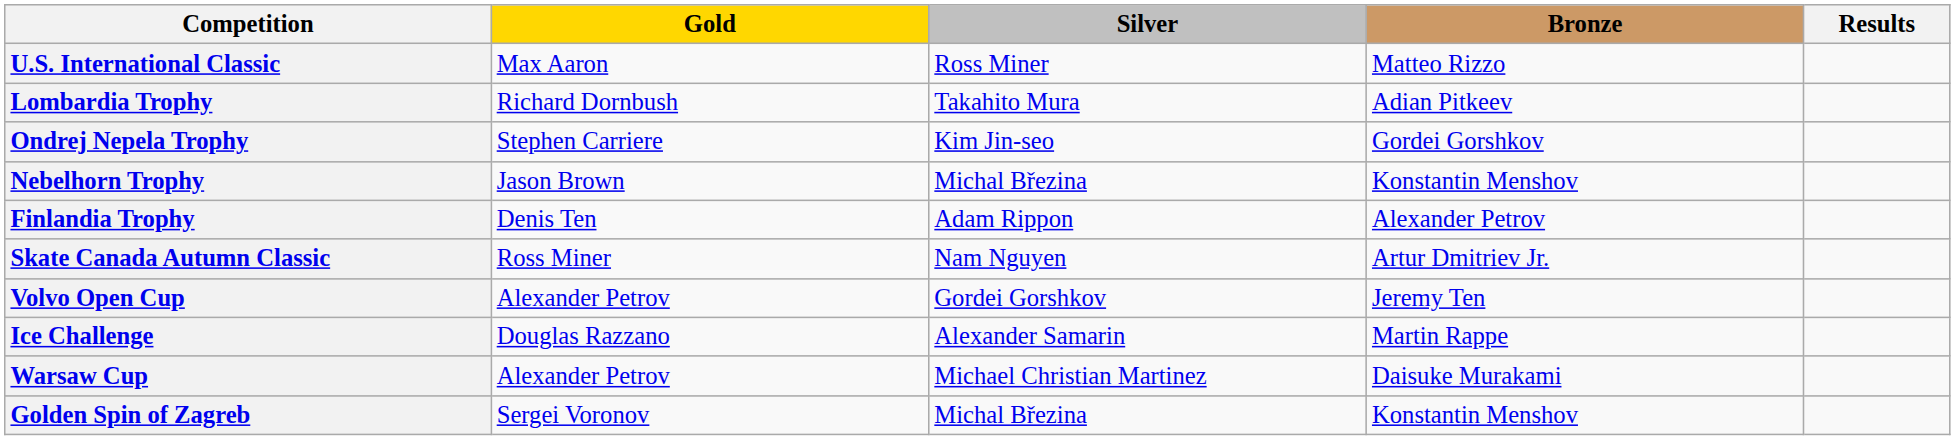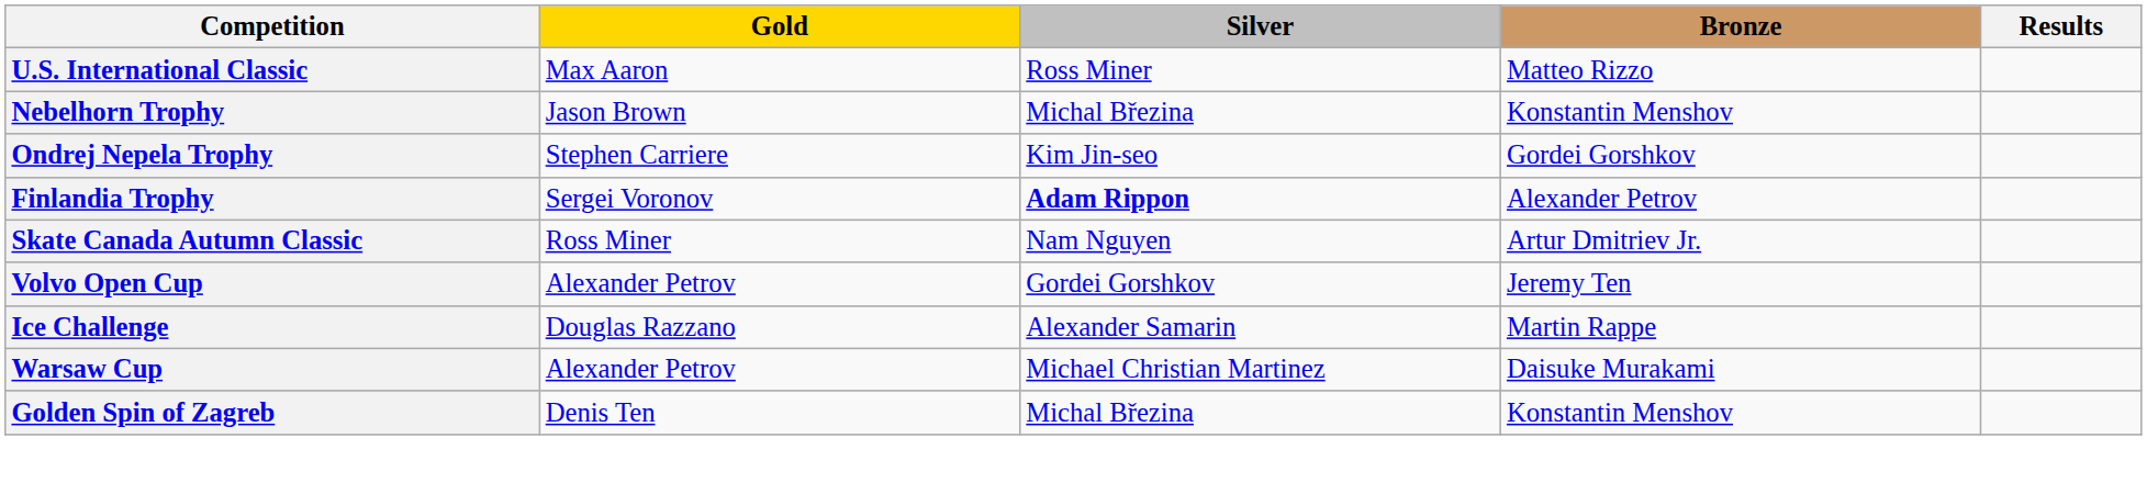 <table class="wikitable unsortable" style="text-align:left; width:100%;">
 <tr>
 <th scope="col" style="text-align:center; width:25%;">Competition</th>
 <td scope="col" style="text-align:center; width:22.5%; background:gold"><strong>Gold</strong></td>
 <td scope="col" style="text-align:center; width:22.5%; background:silver"><strong>Silver</strong></td>
 <td scope="col" style="text-align:center; width:22.5%; background:#c96"><strong>Bronze</strong></td>
 <th scope="col" style="text-align:center; width:7.5%;">Results</th>
 </tr>
 <tr>
 <th scope="row" style="text-align:left"> <a href='#'>U.S. International Classic</a></th>
 <td> <a href='#'>Max Aaron</a></td>
 <td> <a href='#'>Ross Miner</a></td>
 <td> <a href='#'>Matteo Rizzo</a></td>
 <td></td>
 </tr>
 <tr>
-<th scope="row" style="text-align:left"> <a href='#'>Lombardia Trophy</a></th>
-<td> <a href='#'>Richard Dornbush</a></td>
-<td> <a href='#'>Takahito Mura</a></td>
-<td> <a href='#'>Adian Pitkeev</a></td>
+<th scope="row" style="text-align:left"> <a href='#'>Nebelhorn Trophy</a></th>
+<td> <a href='#'>Jason Brown</a></td>
+<td> <a href='#'>Michal Březina</a></td>
+<td> <a href='#'>Konstantin Menshov</a></td>
 <td></td>
 </tr>
 <tr>
 <th scope="row" style="text-align:left"> <a href='#'>Ondrej Nepela Trophy</a></th>
 <td> <a href='#'>Stephen Carriere</a></td>
 <td> <a href='#'>Kim Jin-seo</a></td>
 <td> <a href='#'>Gordei Gorshkov</a></td>
 <td></td>
 </tr>
 <tr>
-<th scope="row" style="text-align:left"> <a href='#'>Nebelhorn Trophy</a></th>
-<td> <a href='#'>Jason Brown</a></td>
-<td> <a href='#'>Michal Březina</a></td>
-<td> <a href='#'>Konstantin Menshov</a></td>
-<td></td>
-</tr>
-<tr>
 <th scope="row" style="text-align:left"> <a href='#'>Finlandia Trophy</a></th>
-<td> <a href='#'>Denis Ten</a></td>
-<td> <a href='#'>Adam Rippon</a></td>
+<td> <a href='#'>Sergei Voronov</a></td>
+<td><strong> <a href='#'>Adam Rippon</a></strong></td>
 <td> <a href='#'>Alexander Petrov</a></td>
 <td></td>
 </tr>
 <tr>
 <th scope="row" style="text-align:left"> <a href='#'>Skate Canada Autumn Classic</a></th>
 <td> <a href='#'>Ross Miner</a></td>
 <td> <a href='#'>Nam Nguyen</a></td>
 <td> <a href='#'>Artur Dmitriev Jr.</a></td>
 <td></td>
 </tr>
 <tr>
 <th scope="row" style="text-align:left"> <a href='#'>Volvo Open Cup</a></th>
 <td> <a href='#'>Alexander Petrov</a></td>
 <td> <a href='#'>Gordei Gorshkov</a></td>
 <td> <a href='#'>Jeremy Ten</a></td>
 <td></td>
 </tr>
 <tr>
 <th scope="row" style="text-align:left"> <a href='#'>Ice Challenge</a></th>
 <td> <a href='#'>Douglas Razzano</a></td>
 <td> <a href='#'>Alexander Samarin</a></td>
 <td> <a href='#'>Martin Rappe</a></td>
 <td></td>
 </tr>
 <tr>
 <th scope="row" style="text-align:left"> <a href='#'>Warsaw Cup</a></th>
 <td> <a href='#'>Alexander Petrov</a></td>
 <td> <a href='#'>Michael Christian Martinez</a></td>
 <td> <a href='#'>Daisuke Murakami</a></td>
 <td></td>
 </tr>
 <tr>
 <th scope="row" style="text-align:left"> <a href='#'>Golden Spin of Zagreb</a></th>
-<td> <a href='#'>Sergei Voronov</a></td>
+<td> <a href='#'>Denis Ten</a></td>
 <td> <a href='#'>Michal Březina</a></td>
 <td> <a href='#'>Konstantin Menshov</a></td>
 <td></td>
 </tr>
 </table>
